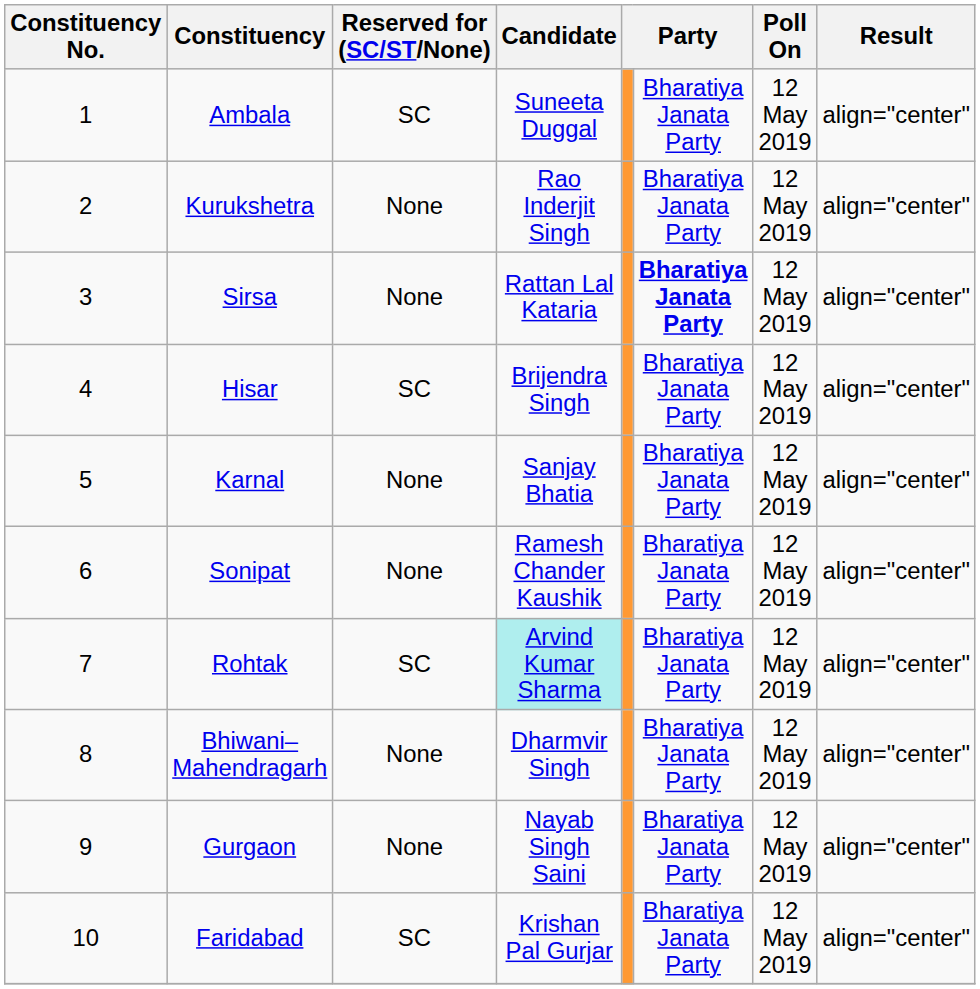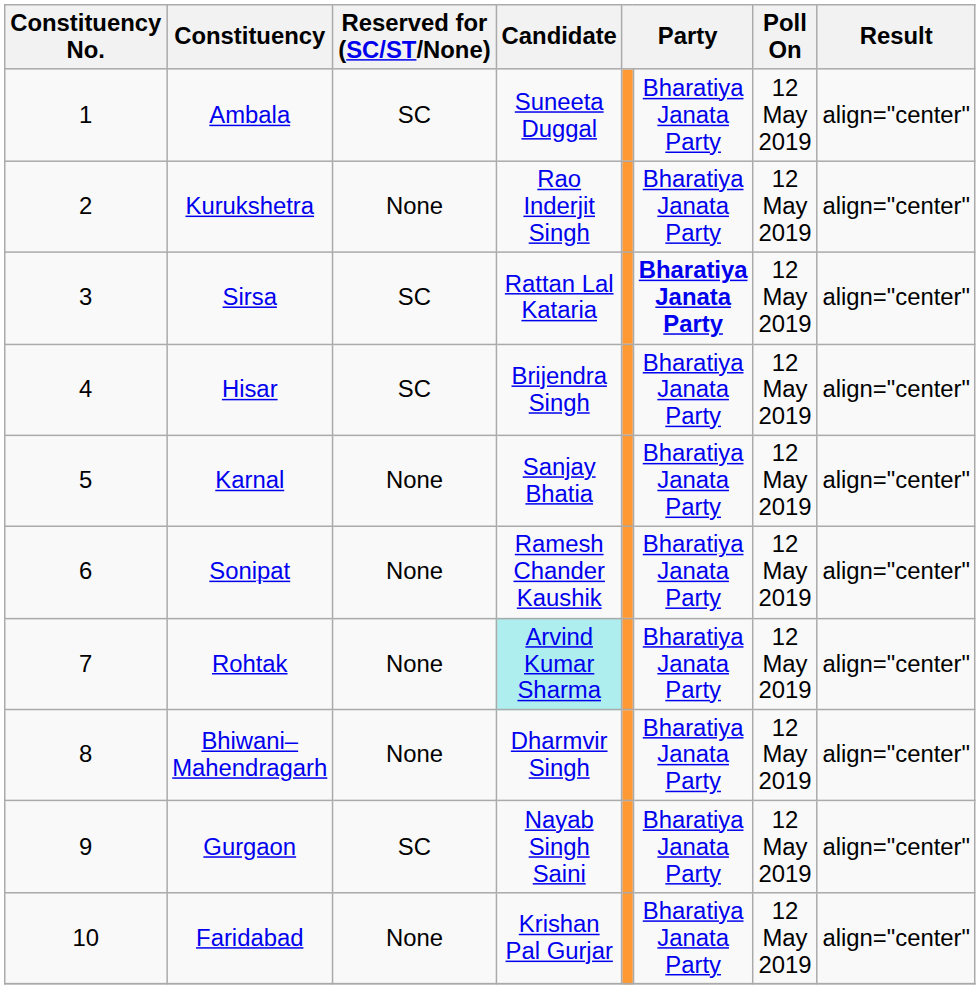 <table class="wikitable sortable" style="text-align:center;">
 <tr>
 <th>Constituency No.</th>
 <th style="width:180px;">Constituency</th>
 <th>Reserved for<br>(<a href='#'>SC/ST</a>/None)</th>
 <th style="width:200px;">Candidate</th>
 <th colspan="2">Party</th>
 <th>Poll On</th>
 <th>Result</th>
 </tr>
 <tr>
 <td align="center">1</td>
 <td><a href='#'>Ambala</a></td>
 <td align="center">SC</td>
 <td><a href='#'>Suneeta Duggal</a></td>
 <td bgcolor=#FF9933></td>
 <td><a href='#'>Bharatiya Janata Party</a></td>
 <td align="center">12 May 2019</td>
 <td>align="center" </td>
 </tr>
 <tr>
 <td align="center">2</td>
 <td><a href='#'>Kurukshetra</a></td>
 <td align="center">None</td>
 <td><a href='#'>Rao Inderjit Singh</a></td>
 <td bgcolor=#FF9933></td>
 <td><a href='#'>Bharatiya Janata Party</a></td>
 <td align="center">12 May 2019</td>
 <td>align="center" </td>
 </tr>
 <tr>
 <td align="center">3</td>
 <td><a href='#'>Sirsa</a></td>
-<td align="center">None</td>
+<td align="center">SC</td>
 <td><a href='#'>Rattan Lal Kataria</a></td>
 <td bgcolor=#FF9933></td>
 <td><strong><a href='#'>Bharatiya Janata Party</a></strong></td>
 <td align="center">12 May 2019</td>
 <td>align="center" </td>
 </tr>
 <tr>
 <td align="center">4</td>
 <td><a href='#'>Hisar</a></td>
 <td align="center">SC</td>
 <td><a href='#'>Brijendra Singh</a></td>
 <td bgcolor="#FF9933"></td>
 <td><a href='#'>Bharatiya Janata Party</a></td>
 <td align="center">12 May 2019</td>
 <td>align="center" </td>
 </tr>
 <tr>
 <td align="center">5</td>
 <td><a href='#'>Karnal</a></td>
 <td align="center">None</td>
 <td><a href='#'>Sanjay Bhatia</a></td>
 <td bgcolor=#FF9933></td>
 <td><a href='#'>Bharatiya Janata Party</a></td>
 <td align="center">12 May 2019</td>
 <td>align="center" </td>
 </tr>
 <tr>
 <td align="center">6</td>
 <td><a href='#'>Sonipat</a></td>
 <td align="center">None</td>
 <td><a href='#'>Ramesh Chander Kaushik</a></td>
 <td bgcolor="#FF9933"></td>
 <td><a href='#'>Bharatiya Janata Party</a></td>
 <td align="center">12 May 2019</td>
 <td>align="center" </td>
 </tr>
 <tr>
 <td align="center">7</td>
 <td><a href='#'>Rohtak</a></td>
-<td align="center">SC</td>
+<td align="center">None</td>
 <td style="background: paleturquoise;"><a href='#'>Arvind Kumar Sharma</a></td>
 <td bgcolor="#FF9933"></td>
 <td><a href='#'>Bharatiya Janata Party</a></td>
 <td align="center">12 May 2019</td>
 <td>align="center" </td>
 </tr>
 <tr>
 <td align="center">8</td>
 <td><a href='#'>Bhiwani–Mahendragarh</a></td>
 <td align="center">None</td>
 <td><a href='#'>Dharmvir Singh</a></td>
 <td bgcolor="#FF9933"></td>
 <td><a href='#'>Bharatiya Janata Party</a></td>
 <td align="center">12 May 2019</td>
 <td>align="center" </td>
 </tr>
 <tr>
 <td align="center">9</td>
 <td><a href='#'>Gurgaon</a></td>
-<td align="center">None</td>
+<td align="center">SC</td>
 <td><a href='#'>Nayab Singh Saini</a></td>
 <td bgcolor=#FF9933></td>
 <td><a href='#'>Bharatiya Janata Party</a></td>
 <td align="center">12 May 2019</td>
 <td>align="center" </td>
 </tr>
 <tr>
 <td align="center">10</td>
 <td><a href='#'>Faridabad</a></td>
-<td align="center">SC</td>
+<td align="center">None</td>
 <td><a href='#'>Krishan Pal Gurjar</a></td>
 <td bgcolor=#FF9933></td>
 <td><a href='#'>Bharatiya Janata Party</a></td>
 <td align="center">12 May 2019</td>
 <td>align="center" </td>
 </tr>
 <tr>
 </tr>
 </table>
